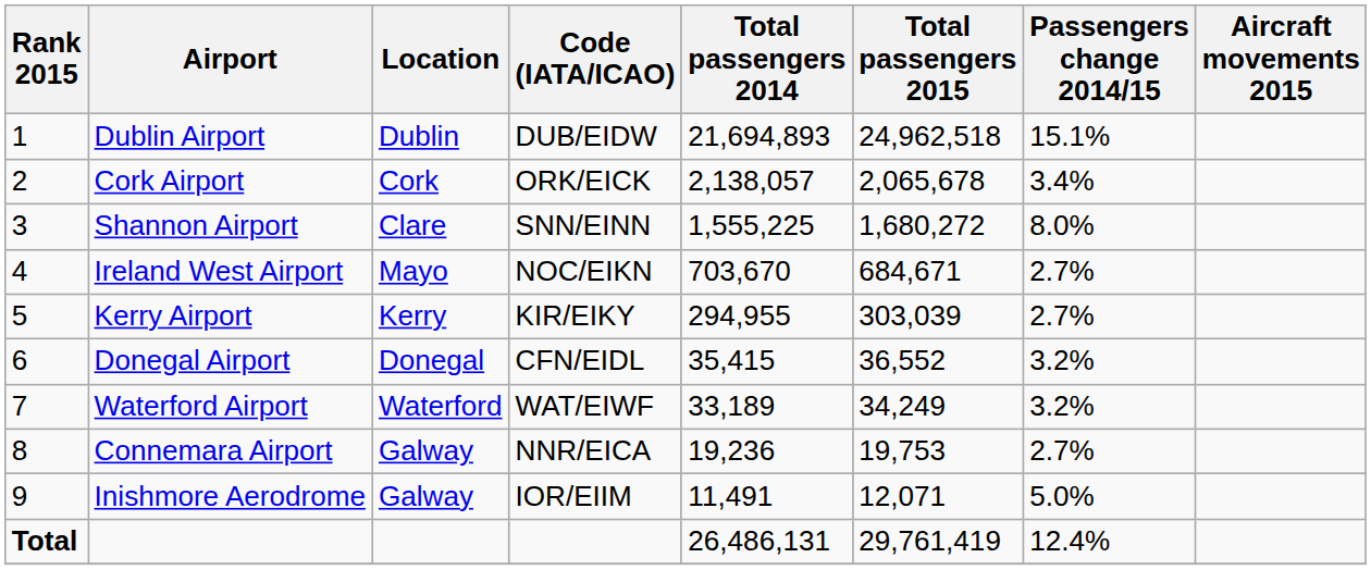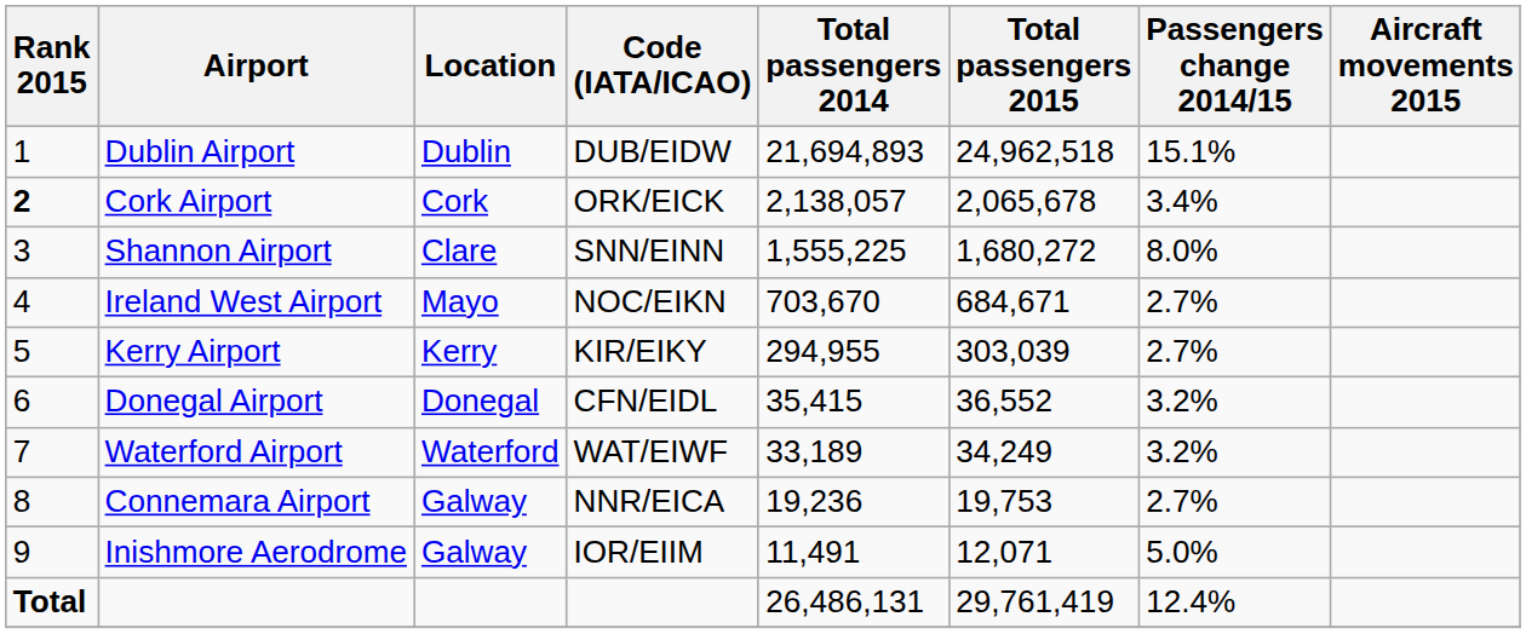 <table class="wikitable sortable">
 <tr>
 <th>Rank<br>2015</th>
 <th>Airport</th>
 <th>Location</th>
 <th>Code<br>(IATA/ICAO)</th>
 <th>Total<br>passengers<br>2014</th>
 <th>Total<br>passengers<br>2015</th>
 <th>Passengers<br>change<br>2014/15</th>
 <th>Aircraft<br>movements<br>2015</th>
 </tr>
 <tr>
 <td>1</td>
 <td><a href='#'>Dublin Airport</a></td>
 <td><a href='#'>Dublin</a></td>
 <td>DUB/EIDW</td>
 <td>21,694,893</td>
 <td>24,962,518</td>
 <td> 15.1%</td>
 <td></td>
 </tr>
 <tr>
-<td>2</td>
+<td><strong>2</strong></td>
 <td><a href='#'>Cork Airport</a></td>
 <td><a href='#'>Cork</a></td>
 <td>ORK/EICK</td>
 <td>2,138,057</td>
 <td>2,065,678</td>
 <td> 3.4%</td>
 <td></td>
 </tr>
 <tr>
 <td>3</td>
 <td><a href='#'>Shannon Airport</a></td>
 <td><a href='#'>Clare</a></td>
 <td>SNN/EINN</td>
 <td>1,555,225</td>
 <td>1,680,272</td>
 <td> 8.0%</td>
 <td></td>
 </tr>
 <tr>
 <td>4</td>
 <td><a href='#'>Ireland West Airport</a></td>
 <td><a href='#'>Mayo</a></td>
 <td>NOC/EIKN</td>
 <td>703,670</td>
 <td>684,671</td>
 <td> 2.7%</td>
 <td></td>
 </tr>
 <tr>
 <td>5</td>
 <td><a href='#'>Kerry Airport</a></td>
 <td><a href='#'>Kerry</a></td>
 <td>KIR/EIKY</td>
 <td>294,955</td>
 <td>303,039</td>
 <td> 2.7%</td>
 <td></td>
 </tr>
 <tr>
 <td>6</td>
 <td><a href='#'>Donegal Airport</a></td>
 <td><a href='#'>Donegal</a></td>
 <td>CFN/EIDL</td>
 <td>35,415</td>
 <td>36,552</td>
 <td> 3.2%</td>
 <td></td>
 </tr>
 <tr>
 <td>7</td>
 <td><a href='#'>Waterford Airport</a></td>
 <td><a href='#'>Waterford</a></td>
 <td>WAT/EIWF</td>
 <td>33,189</td>
 <td>34,249</td>
 <td> 3.2%</td>
 <td></td>
 </tr>
 <tr>
 <td>8</td>
 <td><a href='#'>Connemara Airport</a></td>
 <td><a href='#'>Galway</a></td>
 <td>NNR/EICA</td>
 <td>19,236</td>
 <td>19,753</td>
 <td> 2.7%</td>
 <td></td>
 </tr>
 <tr>
 <td>9</td>
 <td><a href='#'>Inishmore Aerodrome</a></td>
 <td><a href='#'>Galway</a></td>
 <td>IOR/EIIM</td>
 <td>11,491</td>
 <td>12,071</td>
 <td> 5.0%</td>
 <td></td>
 </tr>
 <tr>
 <td><strong>Total</strong></td>
 <td></td>
 <td></td>
 <td></td>
 <td>26,486,131</td>
 <td>29,761,419</td>
 <td> 12.4%</td>
 <td></td>
 </tr>
 <tr>
 </tr>
 </table>
